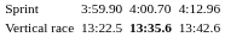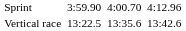 <table>
 <tr>
 <td>Sprint<br></td>
 <td></td>
 <td>3:59.90</td>
 <td></td>
 <td>4:00.70</td>
 <td></td>
 <td>4:12.96</td>
 </tr>
 <tr>
 <td>Vertical race<br></td>
 <td></td>
 <td>13:22.5</td>
 <td></td>
-<td><strong>13:35.6</strong></td>
+<td>13:35.6</td>
 <td></td>
 <td>13:42.6</td>
 </tr>
 </table>
